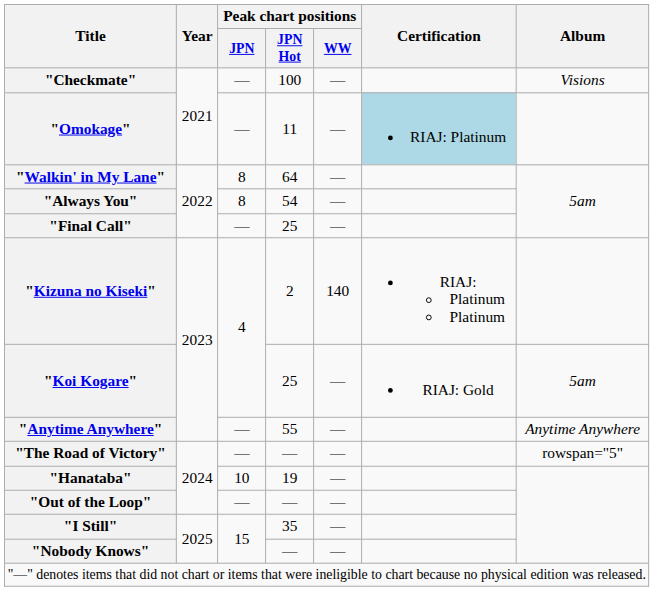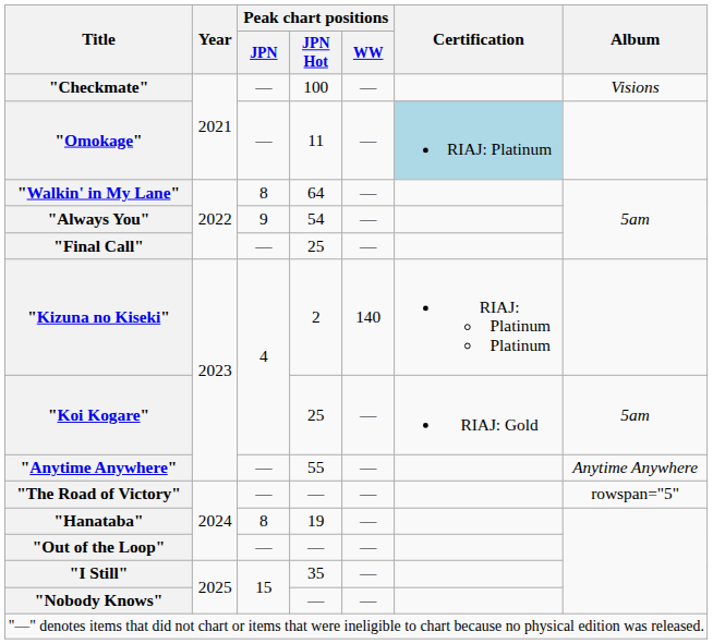 <table class="wikitable plainrowheaders" style="text-align:center;">
 <tr>
 <th scope="col" rowspan="2">Title</th>
 <th scope="col" rowspan="2">Year</th>
 <th scope="col" colspan="3">Peak chart positions</th>
 <th scope="col" rowspan="2">Certification</th>
 <th scope="col" rowspan="2">Album</th>
 </tr>
 <tr>
 <th style="width:3em;font-size:90%"><a href='#'>JPN</a><br></th>
 <th style="width:3em;font-size:90%"><a href='#'>JPN<br>Hot</a><br></th>
 <th style="width:3em;font-size:90%"><a href='#'>WW</a><br></th>
 </tr>
 <tr>
 <th scope="row">"Checkmate"</th>
 <td rowspan="2">2021</td>
 <td>—</td>
 <td>100</td>
 <td>—</td>
 <td></td>
 <td><em>Visions</em></td>
 </tr>
 <tr>
 <th scope="row">"<a href='#'>Omokage</a>"<br></th>
 <td>—</td>
 <td>11</td>
 <td>—</td>
 <td style="background: lightblue;"><br><ul><li>RIAJ: Platinum </li></ul></td>
 <td></td>
 </tr>
 <tr>
 <th scope="row">"<a href='#'>Walkin' in My Lane</a>"</th>
 <td rowspan="3">2022</td>
 <td>8</td>
 <td>64</td>
 <td>—</td>
 <td></td>
 <td rowspan="3"><em>5am</em></td>
 </tr>
 <tr>
 <th scope="row">"Always You"</th>
-<td>8</td>
+<td>9</td>
 <td>54</td>
 <td>—</td>
 <td></td>
 </tr>
 <tr>
 <th scope="row">"Final Call"</th>
 <td>—</td>
 <td>25</td>
 <td>—</td>
 <td></td>
 </tr>
 <tr>
 <th scope="row">"<a href='#'>Kizuna no Kiseki</a>"<br></th>
 <td rowspan="3">2023</td>
 <td rowspan="2">4</td>
 <td>2</td>
 <td>140</td>
 <td><br><ul><li>RIAJ:<ul><li>Platinum </li><li>Platinum </li></ul></li></ul></td>
 <td></td>
 </tr>
 <tr>
 <th scope="row">"<a href='#'>Koi Kogare</a>"<br></th>
 <td>25</td>
 <td>—</td>
 <td><br><ul><li>RIAJ: Gold </li></ul></td>
 <td><em>5am</em></td>
 </tr>
 <tr>
 <th scope="row">"<a href='#'>Anytime Anywhere</a>"</th>
 <td>—</td>
 <td>55</td>
 <td>—</td>
 <td></td>
 <td><em>Anytime Anywhere</em></td>
 </tr>
 <tr>
 <th scope="row">"The Road of Victory"<br></th>
 <td rowspan="3">2024</td>
 <td>—</td>
 <td>—</td>
 <td>—</td>
 <td></td>
 <td>rowspan="5" </td>
 </tr>
 <tr>
 <th scope="row">"Hanataba"</th>
-<td>10</td>
+<td>8</td>
 <td>19</td>
 <td>—</td>
 <td></td>
 </tr>
 <tr>
 <th scope="row">"Out of the Loop"<br></th>
 <td>—</td>
 <td>—</td>
 <td>—</td>
 <td></td>
 </tr>
 <tr>
 <th scope="row">"I Still"</th>
 <td rowspan="2">2025</td>
 <td rowspan="2">15</td>
 <td>35</td>
 <td>—</td>
 <td></td>
 </tr>
 <tr>
 <th scope="row">"Nobody Knows"</th>
 <td>—</td>
 <td>—</td>
 <td></td>
 </tr>
 <tr>
 <td colspan="7" style="font-size:90%;">"—" denotes items that did not chart or items that were ineligible to chart because no physical edition was released.</td>
 </tr>
 </table>
